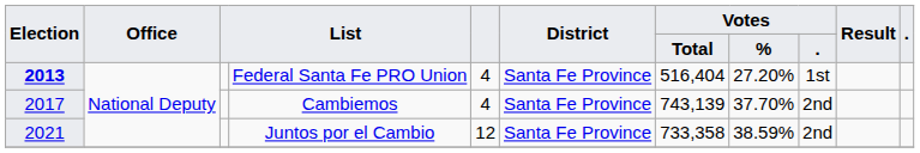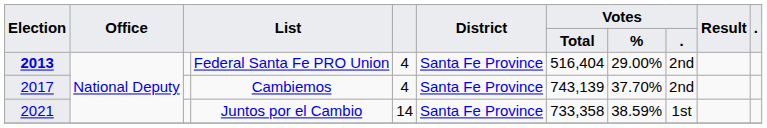 <table class="wikitable" style="font-size:90%; text-align:center;">
 <tr>
 <th style="background-color:#EAECF0;" rowspan=2>Election</th>
 <th style="background-color:#EAECF0;" rowspan=2>Office</th>
 <th style="background-color:#EAECF0;" colspan=2 rowspan=2>List</th>
 <th style="background-color:#EAECF0;" rowspan=2></th>
 <th style="background-color:#EAECF0;" rowspan=2>District</th>
 <th style="background-color:#EAECF0;" colspan=3>Votes</th>
 <th style="background-color:#EAECF0;" rowspan=2>Result</th>
 <th style="background-color:#EAECF0;" rowspan=2>.</th>
 </tr>
 <tr>
 <th style="background-color:#EAECF0;">Total</th>
 <th style="background-color:#EAECF0;">%</th>
 <th style="background-color:#EAECF0;">.</th>
 </tr>
 <tr>
 <td style="background-color:#EAECF0;"><strong><a href='#'>2013</a></strong></td>
 <td rowspan=3><a href='#'>National Deputy</a></td>
 <td style="background-color:"></td>
 <td><a href='#'>Federal Santa Fe PRO Union</a></td>
 <td>4</td>
 <td><a href='#'>Santa Fe Province</a></td>
 <td>516,404</td>
-<td>27.20%</td>
-<td>1st</td>
+<td>29.00%</td>
+<td>2nd</td>
 <td></td>
 <td></td>
 </tr>
 <tr>
 <td style="background-color:#EAECF0;"><a href='#'>2017</a></td>
 <td style="background-color:"></td>
 <td><a href='#'>Cambiemos</a></td>
 <td>4</td>
 <td><a href='#'>Santa Fe Province</a></td>
 <td>743,139</td>
 <td>37.70%</td>
 <td>2nd</td>
 <td></td>
 <td></td>
 </tr>
 <tr>
 <td style="background-color:#EAECF0;"><a href='#'>2021</a></td>
 <td style="background-color:"></td>
 <td><a href='#'>Juntos por el Cambio</a></td>
-<td>12</td>
+<td>14</td>
 <td><a href='#'>Santa Fe Province</a></td>
 <td>733,358</td>
 <td>38.59%</td>
-<td>2nd</td>
+<td>1st</td>
 <td></td>
 <td></td>
 </tr>
 <tr>
 </tr>
 </table>
